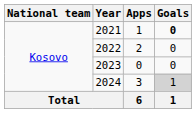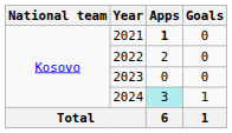 <table class="wikitable" style="text-align: center;">
 <tr>
 <th>National team</th>
 <th>Year</th>
 <th>Apps</th>
 <th>Goals</th>
 </tr>
 <tr>
 <td rowspan="4"><a href='#'>Kosovo</a></td>
 <td>2021</td>
-<td>1</td>
-<td><strong>0</strong></td>
+<td><strong>1</strong></td>
+<td>0</td>
 </tr>
 <tr>
 <td>2022</td>
 <td>2</td>
 <td>0</td>
 </tr>
 <tr>
 <td>2023</td>
 <td>0</td>
 <td>0</td>
 </tr>
 <tr>
 <td>2024</td>
-<td>3</td>
-<td style="background: lightgrey;">1</td>
+<td style="background: paleturquoise;">3</td>
+<td>1</td>
 </tr>
 <tr>
 <th colspan="2">Total</th>
 <th>6</th>
 <th>1</th>
 </tr>
 </table>
